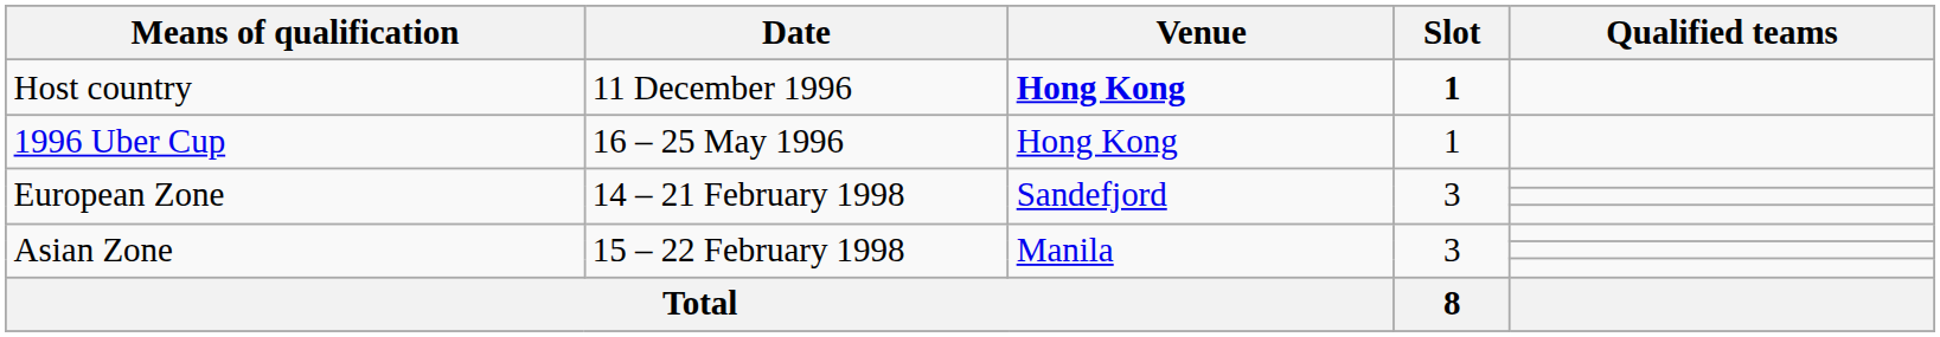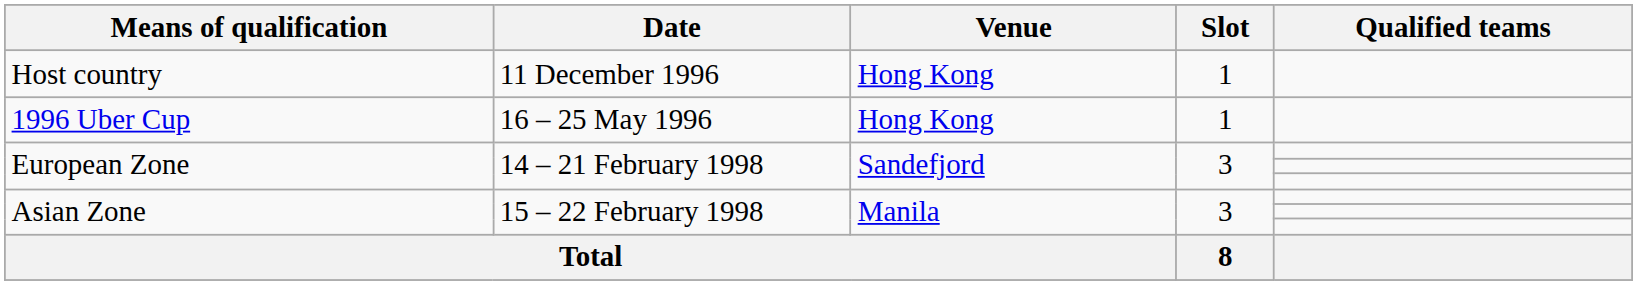 <table class="wikitable" width="900">
 <tr>
 <th width="30%">Means of qualification</th>
 <th width="22%">Date</th>
 <th width="20%">Venue</th>
 <th width="6%">Slot</th>
 <th width="22%">Qualified teams</th>
 </tr>
 <tr>
 <td>Host country</td>
 <td>11 December 1996</td>
-<td><strong><a href='#'>Hong Kong</a></strong></td>
-<td align="center"><strong>1</strong></td>
+<td><a href='#'>Hong Kong</a></td>
+<td align="center">1</td>
 <td></td>
 </tr>
 <tr>
 <td><a href='#'>1996 Uber Cup</a></td>
 <td>16 – 25 May 1996</td>
 <td><a href='#'>Hong Kong</a></td>
 <td align="center">1</td>
 <td></td>
 </tr>
 <tr>
 <td rowspan="3">European Zone</td>
 <td rowspan="3">14 – 21 February 1998</td>
 <td rowspan="3"><a href='#'>Sandefjord</a></td>
 <td rowspan="3" align="center">3</td>
 <td></td>
 </tr>
 <tr>
 <td></td>
 </tr>
 <tr>
 <td></td>
 </tr>
 <tr>
 <td rowspan="3">Asian Zone</td>
 <td rowspan="3">15 – 22 February 1998</td>
 <td rowspan="3"><a href='#'>Manila</a></td>
 <td rowspan="3" align="center">3</td>
 <td></td>
 </tr>
 <tr>
 <td></td>
 </tr>
 <tr>
 <td></td>
 </tr>
 <tr>
 <th colspan="3">Total</th>
 <th>8</th>
 <th></th>
 </tr>
 </table>
